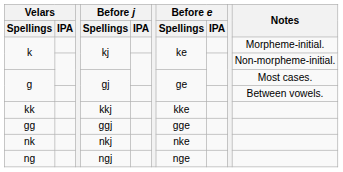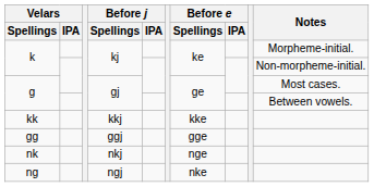 <table class="wikitable" style="text-align: center;">
 <tr>
 <th colspan="2">Velars</th>
 <th rowspan="10"></th>
 <th colspan="2">Before <em>j</em></th>
 <th rowspan="10"></th>
 <th colspan="2">Before <em>e</em></th>
 <th rowspan="10"></th>
 <th rowspan="2">Notes</th>
 </tr>
 <tr>
 <th>Spellings</th>
 <th>IPA</th>
 <th>Spellings</th>
 <th>IPA</th>
 <th>Spellings</th>
 <th>IPA</th>
 </tr>
 <tr>
 <td rowspan="2">k</td>
 <td></td>
 <td rowspan="2">kj</td>
 <td></td>
 <td rowspan="2">ke</td>
 <td></td>
 <td>Morpheme-initial.</td>
 </tr>
 <tr>
 <td rowspan="2"></td>
 <td rowspan="2"></td>
 <td rowspan="2"></td>
 <td>Non-morpheme-initial.</td>
 </tr>
 <tr>
 <td rowspan="2">g</td>
 <td rowspan="2">gj</td>
 <td rowspan="2">ge</td>
 <td>Most cases.</td>
 </tr>
 <tr>
 <td></td>
 <td></td>
 <td></td>
 <td>Between vowels.</td>
 </tr>
 <tr>
 <td>kk</td>
 <td></td>
 <td>kkj</td>
 <td></td>
 <td>kke</td>
 <td></td>
 <td></td>
 </tr>
 <tr>
 <td>gg</td>
 <td></td>
 <td>ggj</td>
 <td></td>
 <td>gge</td>
 <td></td>
 <td></td>
 </tr>
 <tr>
 <td>nk</td>
 <td></td>
 <td>nkj</td>
 <td></td>
-<td>nke</td>
+<td>nge</td>
 <td></td>
 <td></td>
 </tr>
 <tr>
 <td>ng</td>
 <td></td>
 <td>ngj</td>
 <td></td>
-<td>nge</td>
+<td>nke</td>
 <td></td>
 <td></td>
 </tr>
 </table>
